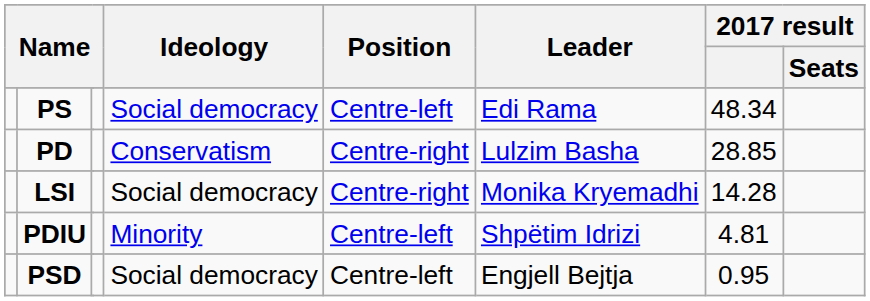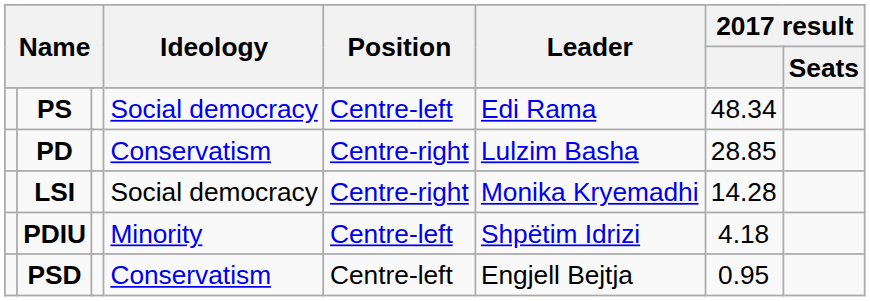 <table class="wikitable" style="font-size:95%">
 <tr>
 <th colspan="4" rowspan="2">Name</th>
 <th rowspan="2">Ideology</th>
 <th rowspan="2">Position</th>
 <th rowspan="2">Leader</th>
 <th colspan="2">2017 result</th>
 </tr>
 <tr>
 <th></th>
 <th>Seats</th>
 </tr>
 <tr>
 <td style="background:"></td>
 <td colspan="2" style="text-align:center;"><strong>PS</strong></td>
 <td></td>
 <td><a href='#'>Social democracy</a></td>
 <td><a href='#'>Centre-left</a></td>
 <td><a href='#'>Edi Rama</a></td>
 <td style="text-align:center;">48.34</td>
 <td></td>
 </tr>
 <tr>
 <td style="background:"></td>
 <td colspan="2" style="text-align:center;"><strong>PD</strong></td>
 <td></td>
 <td><a href='#'>Conservatism</a></td>
 <td><a href='#'>Centre-right</a></td>
 <td><a href='#'>Lulzim Basha</a></td>
 <td style="text-align:center;">28.85</td>
 <td></td>
 </tr>
 <tr>
 <td style="background:"></td>
 <td colspan="2" style="text-align:center;"><strong>LSI</strong></td>
 <td></td>
 <td>Social democracy</td>
 <td><a href='#'>Centre-right</a></td>
 <td><a href='#'>Monika Kryemadhi</a></td>
 <td style="text-align:center;">14.28</td>
 <td></td>
 </tr>
 <tr>
 <td style="background:"></td>
 <td colspan="2" style="text-align:center;"><strong>PDIU</strong></td>
 <td></td>
 <td><a href='#'>Minority</a></td>
 <td><a href='#'>Centre-left</a></td>
 <td><a href='#'>Shpëtim Idrizi</a></td>
-<td style="text-align:center;">4.81</td>
+<td style="text-align:center;">4.18</td>
 <td></td>
 </tr>
 <tr>
 <td style="background:"></td>
 <td colspan="2" style="text-align:center;"><strong>PSD</strong></td>
 <td></td>
-<td>Social democracy</td>
+<td><a href='#'>Conservatism</a></td>
 <td>Centre-left</td>
 <td>Engjell Bejtja</td>
 <td style="text-align:center;">0.95</td>
 <td></td>
 </tr>
 </table>
